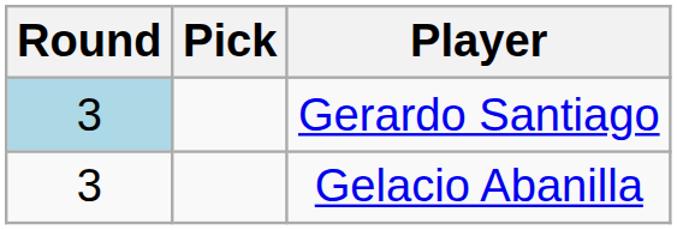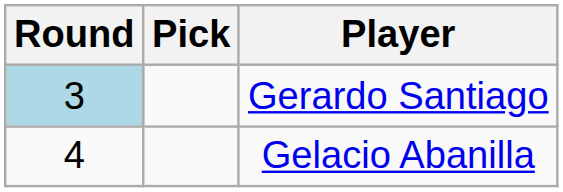 <table class="wikitable sortable sortable">
 <tr>
 <th>Round</th>
 <th>Pick</th>
 <th>Player</th>
 </tr>
 <tr style="text-align: center">
 <td style="background: lightblue;">3</td>
 <td></td>
 <td><a href='#'>Gerardo Santiago</a></td>
 </tr>
 <tr style="text-align: center">
-<td>3</td>
+<td>4</td>
 <td></td>
 <td><a href='#'>Gelacio Abanilla</a></td>
 </tr>
 </table>
